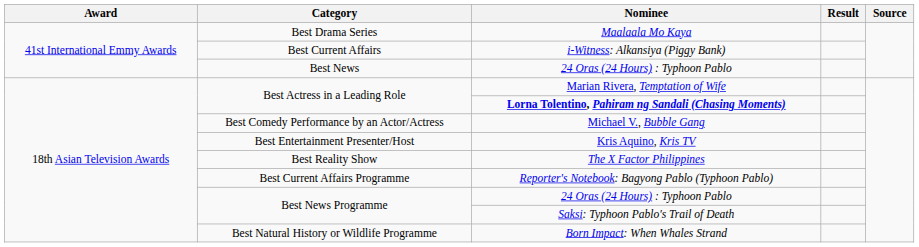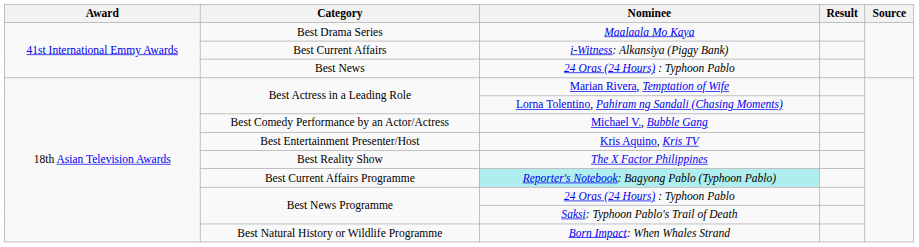 <table class="wikitable" style="text-align:center; font-size:100%; line-height:18px;"  width="100%">
 <tr>
 <th>Award</th>
 <th>Category</th>
 <th>Nominee</th>
 <th>Result</th>
 <th>Source</th>
 </tr>
 <tr>
 <td rowspan="3"><a href='#'>41st International Emmy Awards</a></td>
 <td>Best Drama Series</td>
 <td><em><a href='#'>Maalaala Mo Kaya</a></em></td>
 <td></td>
 <td rowspan="3"></td>
 </tr>
 <tr>
 <td>Best Current Affairs</td>
 <td><em><a href='#'>i-Witness</a>: Alkansiya (Piggy Bank)</em></td>
 <td></td>
 </tr>
 <tr>
 <td>Best News</td>
 <td><em><a href='#'>24 Oras (24 Hours)</a> : Typhoon Pablo</em></td>
 <td></td>
 </tr>
 <tr>
 <td rowspan="9">18th <a href='#'>Asian Television Awards</a></td>
 <td rowspan="2">Best Actress in a Leading Role</td>
 <td><a href='#'>Marian Rivera</a>, <em><a href='#'>Temptation of Wife</a></em></td>
 <td></td>
 <td rowspan="9"></td>
 </tr>
 <tr>
-<td><strong><a href='#'>Lorna Tolentino</a>, <em><a href='#'>Pahiram ng Sandali (Chasing Moments)</a></em></strong></td>
+<td><a href='#'>Lorna Tolentino</a>, <em><a href='#'>Pahiram ng Sandali (Chasing Moments)</a></em></td>
 <td></td>
 </tr>
 <tr>
 <td>Best Comedy Performance by an Actor/Actress</td>
 <td><a href='#'>Michael V.</a>, <em><a href='#'>Bubble Gang</a></em></td>
 <td></td>
 </tr>
 <tr>
 <td>Best Entertainment Presenter/Host</td>
 <td><a href='#'>Kris Aquino</a>, <em><a href='#'>Kris TV</a></em></td>
 <td></td>
 </tr>
 <tr>
 <td>Best Reality Show</td>
 <td><em><a href='#'>The X Factor Philippines</a></em></td>
 <td></td>
 </tr>
 <tr>
 <td>Best Current Affairs Programme</td>
-<td><em><a href='#'>Reporter's Notebook</a>: Bagyong Pablo (Typhoon Pablo)</em></td>
+<td style="background: paleturquoise;"><em><a href='#'>Reporter's Notebook</a>: Bagyong Pablo (Typhoon Pablo)</em></td>
 <td></td>
 </tr>
 <tr>
 <td rowspan="2">Best News Programme</td>
 <td><em><a href='#'>24 Oras (24 Hours)</a> : Typhoon Pablo</em></td>
 <td></td>
 </tr>
 <tr>
 <td><em><a href='#'>Saksi</a>: Typhoon Pablo's Trail of Death</em></td>
 <td></td>
 </tr>
 <tr>
 <td>Best Natural History or Wildlife Programme</td>
 <td><em><a href='#'>Born Impact</a>: When Whales Strand</em></td>
 <td></td>
 </tr>
 </table>
